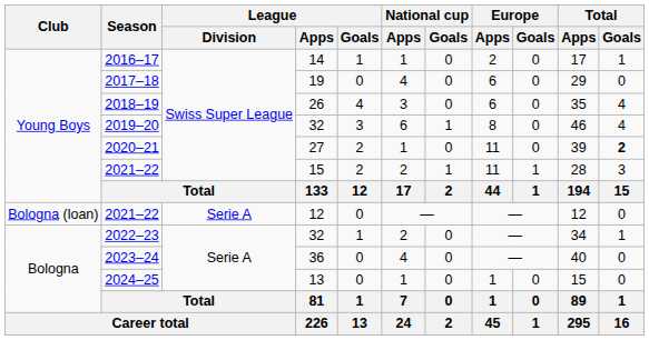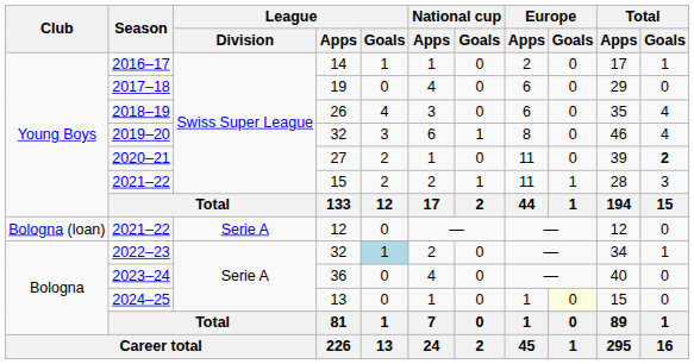 <table class="wikitable" style="text-align:center">
 <tr>
 <th rowspan="2">Club</th>
 <th rowspan="2">Season</th>
 <th colspan="3">League</th>
 <th colspan="2">National cup</th>
 <th colspan="2">Europe</th>
 <th colspan="2">Total</th>
 </tr>
 <tr>
 <th>Division</th>
 <th>Apps</th>
 <th>Goals</th>
 <th>Apps</th>
 <th>Goals</th>
 <th>Apps</th>
 <th>Goals</th>
 <th>Apps</th>
 <th>Goals</th>
 </tr>
 <tr>
 <td rowspan="7"><a href='#'>Young Boys</a></td>
 <td><a href='#'>2016–17</a></td>
 <td rowspan="6"><a href='#'>Swiss Super League</a></td>
 <td>14</td>
 <td>1</td>
 <td>1</td>
 <td>0</td>
 <td>2</td>
 <td>0</td>
 <td>17</td>
 <td>1</td>
 </tr>
 <tr>
 <td><a href='#'>2017–18</a></td>
 <td>19</td>
 <td>0</td>
 <td>4</td>
 <td>0</td>
 <td>6</td>
 <td>0</td>
 <td>29</td>
 <td>0</td>
 </tr>
 <tr>
 <td><a href='#'>2018–19</a></td>
 <td>26</td>
 <td>4</td>
 <td>3</td>
 <td>0</td>
 <td>6</td>
 <td>0</td>
 <td>35</td>
 <td>4</td>
 </tr>
 <tr>
 <td><a href='#'>2019–20</a></td>
 <td>32</td>
 <td>3</td>
 <td>6</td>
 <td>1</td>
 <td>8</td>
 <td>0</td>
 <td>46</td>
 <td>4</td>
 </tr>
 <tr>
 <td><a href='#'>2020–21</a></td>
 <td>27</td>
 <td>2</td>
 <td>1</td>
 <td>0</td>
 <td>11</td>
 <td>0</td>
 <td>39</td>
 <td><strong>2</strong></td>
 </tr>
 <tr>
 <td><a href='#'>2021–22</a></td>
 <td>15</td>
 <td>2</td>
 <td>2</td>
 <td>1</td>
 <td>11</td>
 <td>1</td>
 <td>28</td>
 <td>3</td>
 </tr>
 <tr>
 <th colspan="2">Total</th>
 <th>133</th>
 <th>12</th>
 <th>17</th>
 <th>2</th>
 <th>44</th>
 <th>1</th>
 <th>194</th>
 <th>15</th>
 </tr>
 <tr>
 <td><a href='#'>Bologna</a> (loan)</td>
 <td><a href='#'>2021–22</a></td>
 <td><a href='#'>Serie A</a></td>
 <td>12</td>
 <td>0</td>
 <td colspan="2">—</td>
 <td colspan="2">—</td>
 <td>12</td>
 <td>0</td>
 </tr>
 <tr>
 <td rowspan="4">Bologna</td>
 <td><a href='#'>2022–23</a></td>
 <td rowspan="3">Serie A</td>
 <td>32</td>
-<td>1</td>
+<td style="background: lightblue;">1</td>
 <td>2</td>
 <td>0</td>
 <td colspan="2">—</td>
 <td>34</td>
 <td>1</td>
 </tr>
 <tr>
 <td><a href='#'>2023–24</a></td>
 <td>36</td>
 <td>0</td>
 <td>4</td>
 <td>0</td>
 <td colspan="2">—</td>
 <td>40</td>
 <td>0</td>
 </tr>
 <tr>
 <td><a href='#'>2024–25</a></td>
 <td>13</td>
 <td>0</td>
 <td>1</td>
 <td>0</td>
 <td>1</td>
-<td>0</td>
+<td style="background: lightyellow;">0</td>
 <td>15</td>
 <td>0</td>
 </tr>
 <tr>
 <th colspan="2">Total</th>
 <th>81</th>
 <th>1</th>
 <th>7</th>
 <th>0</th>
 <th>1</th>
 <th>0</th>
 <th>89</th>
 <th>1</th>
 </tr>
 <tr>
 <th colspan="3">Career total</th>
 <th>226</th>
 <th>13</th>
 <th>24</th>
 <th>2</th>
 <th>45</th>
 <th>1</th>
 <th>295</th>
 <th>16</th>
 </tr>
 </table>
